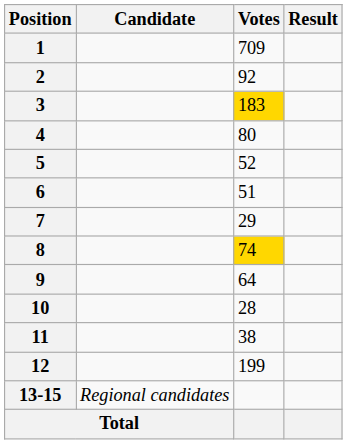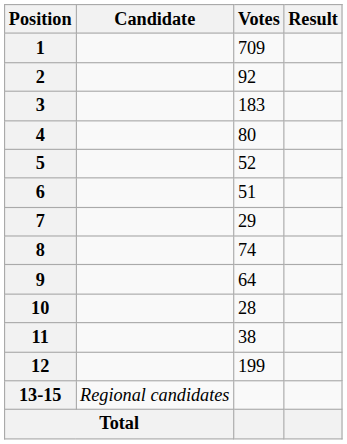 <table class="wikitable sortable col3right">
 <tr>
 <th scope="col">Position</th>
 <th scope="col">Candidate</th>
 <th scope="col">Votes</th>
 <th scope="col">Result</th>
 </tr>
 <tr>
 <th scope="row">1</th>
 <td></td>
 <td>709</td>
 <td></td>
 </tr>
 <tr>
 <th scope="row">2</th>
 <td></td>
 <td>92</td>
 <td></td>
 </tr>
 <tr>
 <th scope="row">3</th>
 <td></td>
-<td style="background: gold;">183</td>
+<td>183</td>
 <td></td>
 </tr>
 <tr>
 <th scope="row">4</th>
 <td></td>
 <td>80</td>
 <td></td>
 </tr>
 <tr>
 <th scope="row">5</th>
 <td></td>
 <td>52</td>
 <td></td>
 </tr>
 <tr>
 <th scope="row">6</th>
 <td></td>
 <td>51</td>
 <td></td>
 </tr>
 <tr>
 <th scope="row">7</th>
 <td></td>
 <td>29</td>
 <td></td>
 </tr>
 <tr>
 <th scope="row">8</th>
 <td></td>
-<td style="background: gold;">74</td>
+<td>74</td>
 <td></td>
 </tr>
 <tr>
 <th scope="row">9</th>
 <td></td>
 <td>64</td>
 <td></td>
 </tr>
 <tr>
 <th scope="row">10</th>
 <td></td>
 <td>28</td>
 <td></td>
 </tr>
 <tr>
 <th scope="row">11</th>
 <td></td>
 <td>38</td>
 <td></td>
 </tr>
 <tr>
 <th scope="row">12</th>
 <td></td>
 <td>199</td>
 <td></td>
 </tr>
 <tr>
 <th scope="row">13-15</th>
 <td><em>Regional candidates</em></td>
 <td></td>
 <td></td>
 </tr>
 <tr class="sortbottom">
 <th scope="row" colspan="2">Total</th>
 <th></th>
 <th></th>
 </tr>
 </table>
